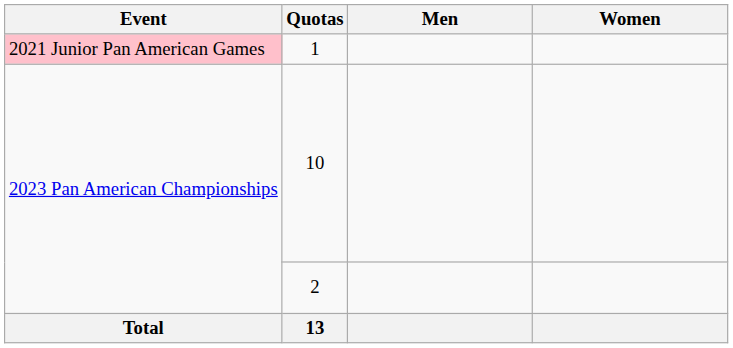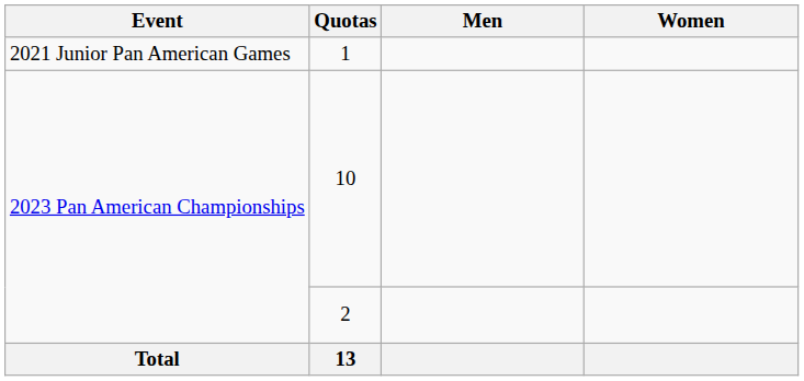 <table class="wikitable">
 <tr>
 <th>Event</th>
 <th>Quotas</th>
 <th width=150>Men</th>
 <th width=160>Women</th>
 </tr>
 <tr>
-<td style="background: pink;">2021 Junior Pan American Games</td>
+<td>2021 Junior Pan American Games</td>
 <td align=center>1</td>
 <td></td>
 <td></td>
 </tr>
 <tr>
 <td rowspan=2><a href='#'>2023 Pan American Championships</a></td>
 <td align=center>10</td>
 <td><br><br><br><br> <s></s> <br><br><br><br><br></td>
 <td><br><br><br><br><br><br><br><br><br></td>
 </tr>
 <tr>
 <td align=center>2</td>
 <td><br><br></td>
 <td><br></td>
 </tr>
 <tr>
 <th>Total</th>
 <th align="center">13</th>
 <th align="center"></th>
 <th align="center"></th>
 </tr>
 </table>
